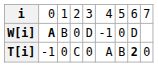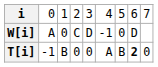 <table class="wikitable" style="background-color:white; font-family:monospace; text-align:right">
 <tr>
 <th><code>i</code></th>
 <td>0</td>
 <td>1</td>
 <td>2</td>
 <td>3</td>
 <td>4</td>
 <td>5</td>
 <td>6</td>
 <td>7</td>
 </tr>
 <tr>
 <th><code>W[i]</code></th>
-<td><strong>A</strong></td>
-<td>B</td>
+<td>A</td>
 <td>0</td>
+<td>C</td>
 <td>D</td>
 <td>-1</td>
 <td>0</td>
 <td>D</td>
 <td></td>
 </tr>
 <tr>
 <th><code>T[i]</code></th>
 <td>-1</td>
+<td>B</td>
 <td>0</td>
-<td>C</td>
 <td>0</td>
 <td>A</td>
 <td>B</td>
 <td><strong>2</strong></td>
 <td>0</td>
 </tr>
 </table>
